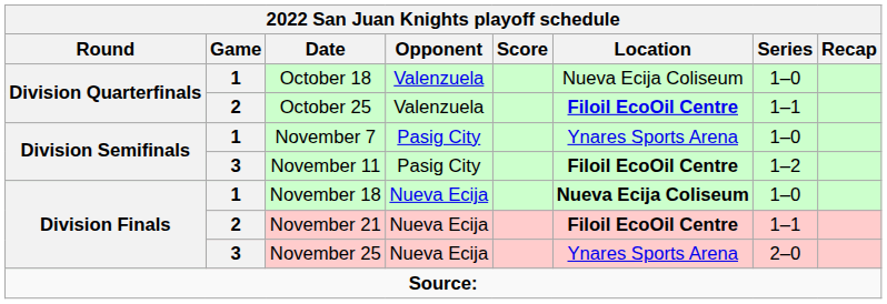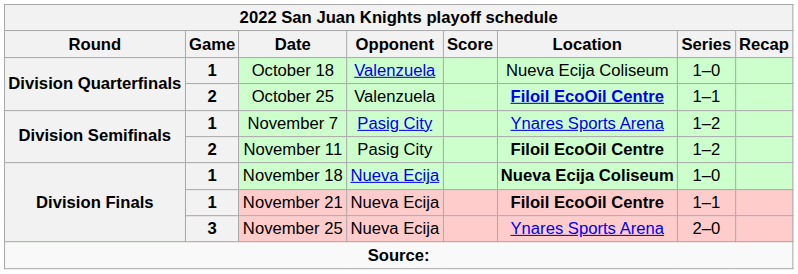 <table class="wikitable" style="text-align:center">
 <tr>
 <th colspan=8>2022 San Juan Knights playoff schedule</th>
 </tr>
 <tr>
 <th>Round</th>
 <th>Game</th>
 <th>Date</th>
 <th>Opponent</th>
 <th>Score</th>
 <th>Location</th>
 <th>Series</th>
 <th>Recap<br></th>
 </tr>
 <tr style="background:#cfc">
 <th rowspan=2>Division Quarterfinals</th>
 <th>1</th>
 <td>October 18</td>
 <td><a href='#'>Valenzuela</a></td>
 <td></td>
 <td>Nueva Ecija Coliseum</td>
 <td>1–0</td>
 <td></td>
 </tr>
 <tr style="background:#cfc">
 <th>2</th>
 <td>October 25</td>
 <td>Valenzuela</td>
 <td></td>
 <td><strong><a href='#'>Filoil EcoOil Centre</a></strong></td>
 <td>1–1</td>
 <td><br></td>
 </tr>
 <tr style="background:#cfc">
 <th rowspan=2>Division Semifinals</th>
 <th>1</th>
 <td>November 7</td>
 <td><a href='#'>Pasig City</a></td>
 <td></td>
 <td><a href='#'>Ynares Sports Arena</a></td>
-<td>1–0</td>
+<td>1–2</td>
 <td></td>
 </tr>
 <tr style="background:#cfc">
-<th>3</th>
+<th>2</th>
 <td>November 11</td>
 <td>Pasig City</td>
 <td></td>
 <td><strong>Filoil EcoOil Centre</strong></td>
 <td>1–2</td>
 <td><br></td>
 </tr>
 <tr style="background:#cfc">
 <th rowspan=3>Division Finals</th>
 <th>1</th>
 <td>November 18</td>
 <td><a href='#'>Nueva Ecija</a></td>
 <td></td>
 <td><strong>Nueva Ecija Coliseum</strong></td>
 <td>1–0</td>
 <td></td>
 </tr>
 <tr style="background:#fcc">
-<th>2</th>
+<th>1</th>
 <td>November 21</td>
 <td>Nueva Ecija</td>
 <td></td>
 <td><strong>Filoil EcoOil Centre</strong></td>
 <td>1–1</td>
 <td></td>
 </tr>
 <tr style="background:#fcc">
 <th>3</th>
 <td>November 25</td>
 <td>Nueva Ecija</td>
 <td></td>
 <td><a href='#'>Ynares Sports Arena</a></td>
 <td>2–0</td>
 <td></td>
 </tr>
 <tr>
 <td colspan=8 align=center><strong>Source: </strong></td>
 </tr>
 </table>
